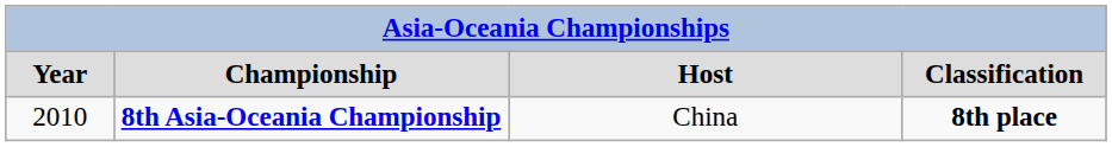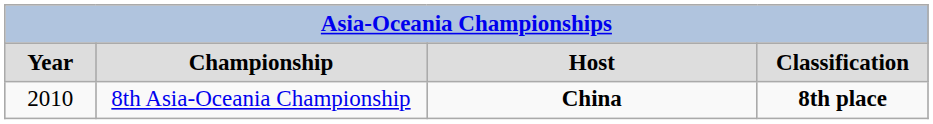 <table class="wikitable" style=font-size:90%>
 <tr align=center style="background:#B0C4DE;">
 <td colspan=4><strong><a href='#'>Asia-Oceania Championships</a></strong></td>
 </tr>
 <tr align=center bgcolor="#dddddd">
 <td width=50><strong>Year</strong></td>
 <td width=200><strong>Championship</strong></td>
 <td width=200><strong>Host</strong></td>
 <td width=100><strong>Classification</strong></td>
 </tr>
 <tr align=center>
 <td>2010</td>
-<td><strong><a href='#'>8th Asia-Oceania Championship</a></strong></td>
-<td>China</td>
+<td><a href='#'>8th Asia-Oceania Championship</a></td>
+<td><strong>China</strong></td>
 <td align="center"><strong>8th place</strong></td>
 </tr>
 </table>
